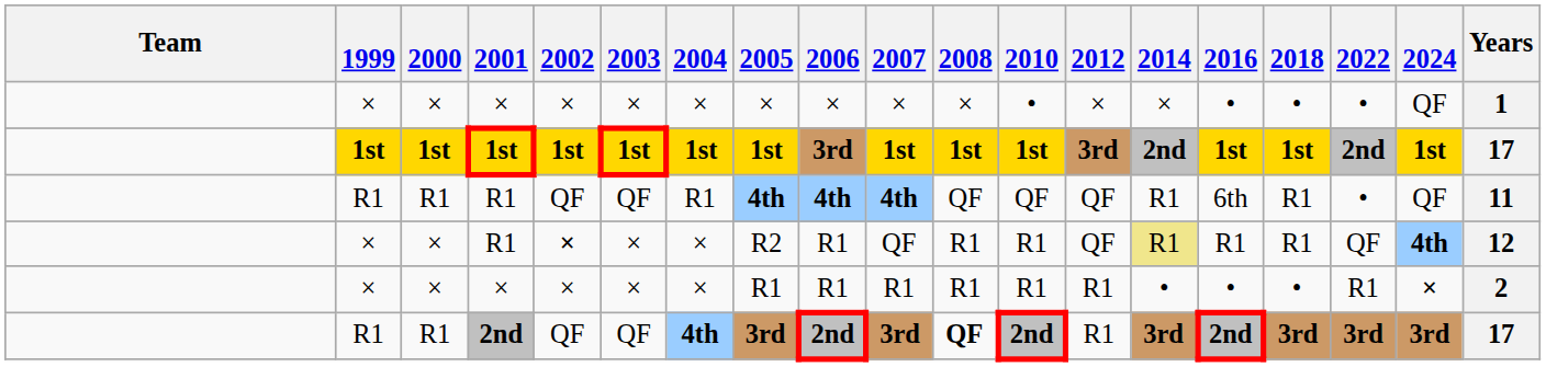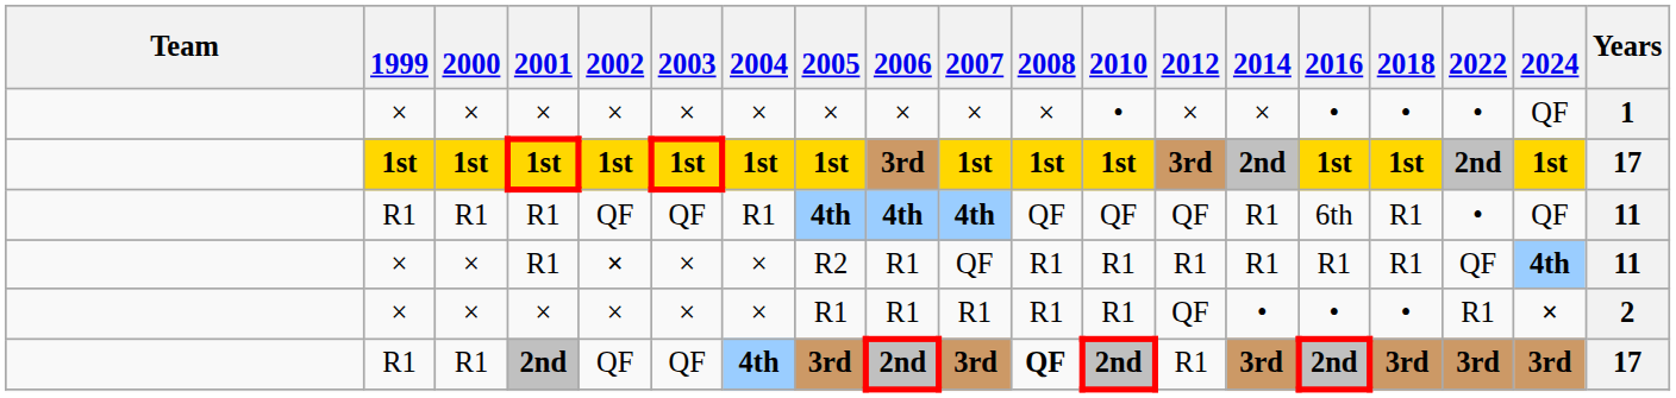 <table class="wikitable" style="text-align:center; font-size:90%;">
 <tr>
 <th width=170>Team</th>
 <th><br><a href='#'>1999</a></th>
 <th><br><a href='#'>2000</a></th>
 <th><br><a href='#'>2001</a></th>
 <th><br><a href='#'>2002</a></th>
 <th><br><a href='#'>2003</a></th>
 <th><br><a href='#'>2004</a></th>
 <th><br><a href='#'>2005</a></th>
 <th><br><a href='#'>2006</a></th>
 <th><br><a href='#'>2007</a></th>
 <th><br><a href='#'>2008</a></th>
 <th><br><a href='#'>2010</a></th>
 <th><br><a href='#'>2012</a></th>
 <th><br><a href='#'>2014</a></th>
 <th><br><a href='#'>2016</a></th>
 <th><br><a href='#'>2018</a></th>
 <th><br><a href='#'>2022</a></th>
 <th><br><a href='#'>2024</a></th>
 <th>Years</th>
 </tr>
 <tr>
 <td align=left></td>
 <td>×</td>
 <td>×</td>
 <td>×</td>
 <td>×</td>
 <td>×</td>
 <td>×</td>
 <td>×</td>
 <td>×</td>
 <td>×</td>
 <td>×</td>
 <td>•</td>
 <td>×</td>
 <td>×</td>
 <td>•</td>
 <td>•</td>
 <td>•</td>
 <td>QF</td>
 <th><strong>1</strong></th>
 </tr>
 <tr>
 <td align=left></td>
 <td bgcolor=gold><strong>1st</strong></td>
 <td bgcolor=gold><strong>1st</strong></td>
 <td bgcolor=gold style="border:3px solid red"><strong>1st</strong></td>
 <td bgcolor=gold><strong>1st</strong></td>
 <td bgcolor=gold style="border:3px solid red"><strong>1st</strong></td>
 <td bgcolor=gold><strong>1st</strong></td>
 <td bgcolor=gold><strong>1st</strong></td>
 <td bgcolor=#cc9966><strong>3rd</strong></td>
 <td bgcolor=gold><strong>1st</strong></td>
 <td bgcolor=gold><strong>1st</strong></td>
 <td bgcolor=gold><strong>1st</strong></td>
 <td bgcolor=#cc9966><strong>3rd</strong></td>
 <td bgcolor=silver><strong>2nd</strong></td>
 <td bgcolor=gold><strong>1st</strong></td>
 <td bgcolor=gold><strong>1st</strong></td>
 <td bgcolor=silver><strong>2nd</strong></td>
 <td bgcolor=gold><strong>1st</strong></td>
 <th><strong>17</strong></th>
 </tr>
 <tr>
 <td align=left></td>
 <td>R1</td>
 <td>R1</td>
 <td>R1</td>
 <td>QF</td>
 <td>QF</td>
 <td>R1</td>
 <td bgcolor=9acdff><strong>4th</strong></td>
 <td bgcolor=9acdff><strong>4th</strong></td>
 <td bgcolor=9acdff><strong>4th</strong></td>
 <td>QF</td>
 <td>QF</td>
 <td>QF</td>
 <td>R1</td>
 <td>6th</td>
 <td>R1</td>
 <td>•</td>
 <td>QF</td>
 <th><strong>11</strong></th>
 </tr>
 <tr>
 <td align=left></td>
 <td>×</td>
 <td>×</td>
 <td>R1</td>
 <td><strong>×</strong></td>
 <td>×</td>
 <td>×</td>
 <td>R2</td>
 <td>R1</td>
 <td>QF</td>
 <td>R1</td>
 <td>R1</td>
-<td>QF</td>
-<td style="background: khaki;">R1</td>
+<td>R1</td>
+<td>R1</td>
 <td>R1</td>
 <td>R1</td>
 <td>QF</td>
 <td bgcolor=9acdff><strong>4th</strong></td>
-<th><strong>12</strong></th>
+<th><strong>11</strong></th>
 </tr>
 <tr>
 <td align=left></td>
 <td>×</td>
 <td>×</td>
 <td>×</td>
 <td>×</td>
 <td>×</td>
 <td>×</td>
 <td>R1</td>
 <td>R1</td>
 <td>R1</td>
 <td>R1</td>
 <td>R1</td>
-<td>R1</td>
+<td>QF</td>
 <td>•</td>
 <td>•</td>
 <td>•</td>
 <td>R1</td>
 <td><strong>×</strong></td>
 <th><strong>2</strong></th>
 </tr>
 <tr>
 <td align=left></td>
 <td>R1</td>
 <td>R1</td>
 <td bgcolor=silver><strong>2nd</strong></td>
 <td>QF</td>
 <td>QF</td>
 <td bgcolor=9acdff><strong>4th</strong></td>
 <td bgcolor=#cc9966><strong>3rd</strong></td>
 <td bgcolor=silver style="border:3px solid red"><strong>2nd</strong></td>
 <td bgcolor=#cc9966><strong>3rd</strong></td>
 <td><strong>QF</strong></td>
 <td bgcolor=silver style="border:3px solid red"><strong>2nd</strong></td>
 <td>R1</td>
 <td bgcolor=#cc9966><strong>3rd</strong></td>
 <td bgcolor=silver style="border:3px solid red"><strong>2nd</strong></td>
 <td bgcolor=#cc9966><strong>3rd</strong></td>
 <td bgcolor=#cc9966><strong>3rd</strong></td>
 <td bgcolor=#cc9966><strong>3rd</strong></td>
 <th><strong>17</strong></th>
 </tr>
 </table>
